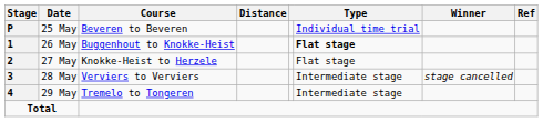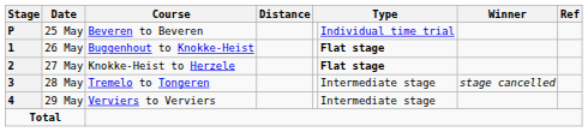 <table class="wikitable">
 <tr>
 <th>Stage</th>
 <th>Date</th>
 <th>Course</th>
 <th>Distance</th>
 <th colspan="2">Type</th>
 <th>Winner</th>
 <th>Ref</th>
 </tr>
 <tr>
 <th style="text-align:left">P</th>
 <td align=right>25 May</td>
 <td><a href='#'>Beveren</a> to Beveren</td>
 <td style="text-align:center;"></td>
 <td></td>
 <td><a href='#'>Individual time trial</a></td>
 <td></td>
 <td></td>
 </tr>
 <tr>
 <th style="text-align:left">1</th>
 <td align=right>26 May</td>
 <td><a href='#'>Buggenhout</a> to <a href='#'>Knokke-Heist</a></td>
 <td style="text-align:center;"></td>
 <td></td>
 <td><strong>Flat stage</strong></td>
 <td></td>
 <td></td>
 </tr>
 <tr>
 <th style="text-align:left">2</th>
 <td align=right>27 May</td>
 <td>Knokke-Heist to <a href='#'>Herzele</a></td>
 <td style="text-align:center;"></td>
 <td></td>
-<td>Flat stage</td>
+<td><strong>Flat stage</strong></td>
 <td></td>
 <td></td>
 </tr>
 <tr>
 <th style="text-align:left">3</th>
 <td align=right>28 May</td>
-<td><a href='#'>Verviers</a> to Verviers</td>
+<td><a href='#'>Tremelo</a> to <a href='#'>Tongeren</a></td>
 <td style="text-align:center;"></td>
 <td></td>
 <td>Intermediate stage</td>
 <td><em>stage cancelled</em> </td>
 <td></td>
 </tr>
 <tr>
 <th style="text-align:left">4</th>
 <td align=right>29 May</td>
-<td><a href='#'>Tremelo</a> to <a href='#'>Tongeren</a></td>
+<td><a href='#'>Verviers</a> to Verviers</td>
 <td style="text-align:center;"></td>
 <td></td>
 <td>Intermediate stage</td>
 <td></td>
 <td></td>
 </tr>
 <tr>
 <td colspan="2" style="text-align:center;"><strong>Total</strong></td>
 <td colspan="6" style="text-align:center;"></td>
 </tr>
 </table>
